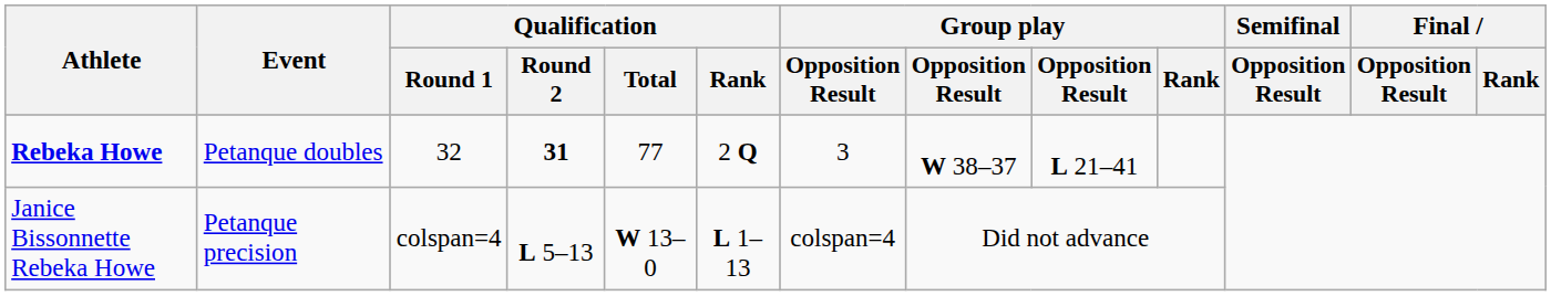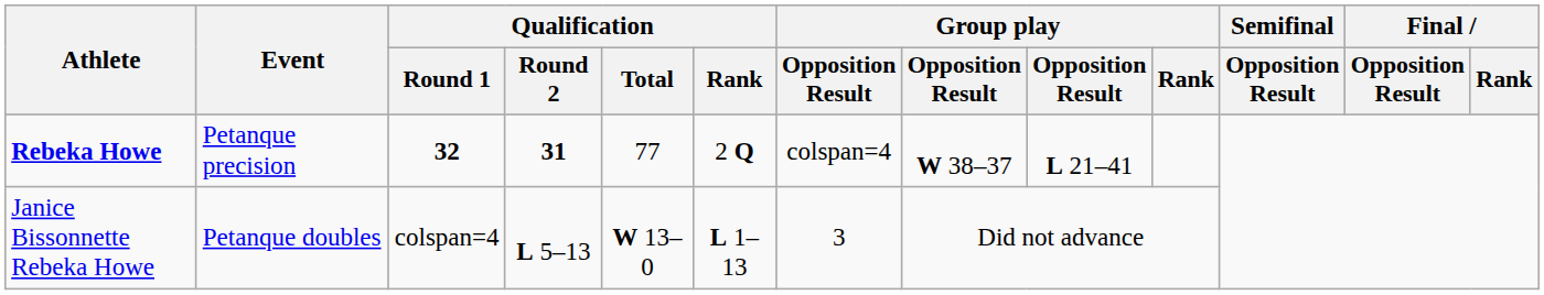 <table class=wikitable style=font-size:90%;text-align:center>
 <tr>
 <th rowspan=2>Athlete</th>
 <th rowspan=2>Event</th>
 <th colspan=4>Qualification</th>
 <th colspan=4>Group play</th>
 <th>Semifinal</th>
 <th colspan=2>Final / </th>
 </tr>
 <tr style=font-size:95%>
 <th>Round 1</th>
 <th>Round 2</th>
 <th>Total</th>
 <th>Rank</th>
 <th>Opposition<br>Result</th>
 <th>Opposition<br>Result</th>
 <th>Opposition<br>Result</th>
 <th>Rank</th>
 <th>Opposition<br>Result</th>
 <th>Opposition<br>Result</th>
 <th>Rank</th>
 </tr>
 <tr>
 <td align=left><strong><a href='#'>Rebeka Howe</a></strong></td>
-<td align=left><a href='#'>Petanque doubles</a></td>
-<td>32</td>
+<td align=left><a href='#'>Petanque precision</a></td>
+<td><strong>32</strong></td>
 <td><strong>31</strong></td>
 <td>77</td>
 <td>2 <strong>Q</strong></td>
-<td>3</td>
+<td>colspan=4 </td>
 <td><br><strong>W</strong> 38–37</td>
 <td><br><strong>L</strong> 21–41</td>
 <td></td>
 </tr>
 <tr>
 <td align=left><a href='#'>Janice Bissonnette</a><br><a href='#'>Rebeka Howe</a></td>
-<td align=left><a href='#'>Petanque precision</a></td>
+<td align=left><a href='#'>Petanque doubles</a></td>
 <td>colspan=4 </td>
 <td><br><strong>L</strong> 5–13</td>
 <td><br><strong>W</strong> 13–0</td>
 <td><br><strong>L</strong> 1–13</td>
-<td>colspan=4 </td>
+<td>3</td>
 <td colspan=3>Did not advance</td>
 </tr>
 </table>
